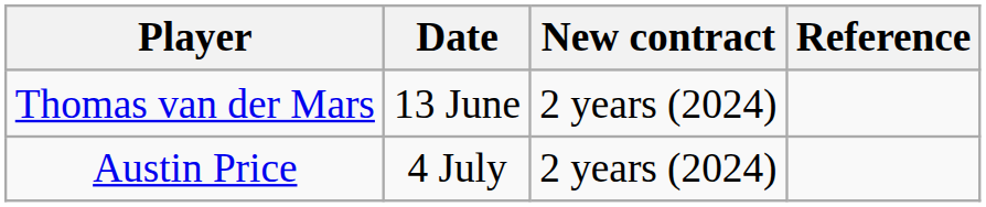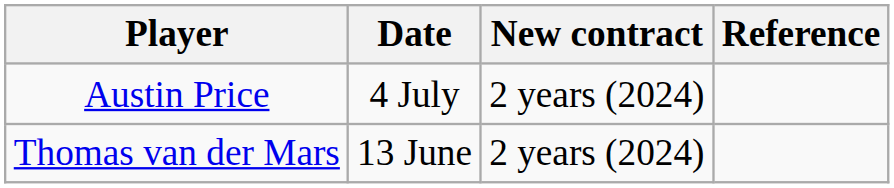 <table class="wikitable" style="text-align:center;">
 <tr>
 <th>Player</th>
 <th>Date</th>
 <th>New contract</th>
 <th>Reference</th>
 </tr>
 <tr>
+<td><a href='#'>Austin Price</a></td>
+<td>4 July</td>
+<td>2 years (2024)</td>
+<td></td>
+</tr>
+<tr>
 <td><a href='#'>Thomas van der Mars</a></td>
 <td>13 June</td>
 <td>2 years (2024)</td>
 <td></td>
 </tr>
-<tr>
-<td><a href='#'>Austin Price</a></td>
-<td>4 July</td>
-<td>2 years (2024)</td>
-<td></td>
-</tr>
 </table>
